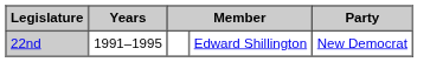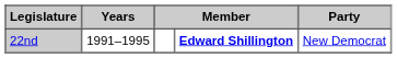 <table border=1 cellpadding=5 cellspacing=0>
 <tr bgcolor="CCCCCC">
 <th>Legislature</th>
 <th>Years</th>
 <th colspan="2">Member</th>
 <th>Party</th>
 </tr>
 <tr>
 <td bgcolor="CCCCCC"><a href='#'>22nd</a></td>
 <td>1991–1995</td>
 <td>   </td>
-<td><a href='#'>Edward Shillington</a></td>
+<td><strong><a href='#'>Edward Shillington</a></strong></td>
 <td><a href='#'>New Democrat</a></td>
 </tr>
 </table>
